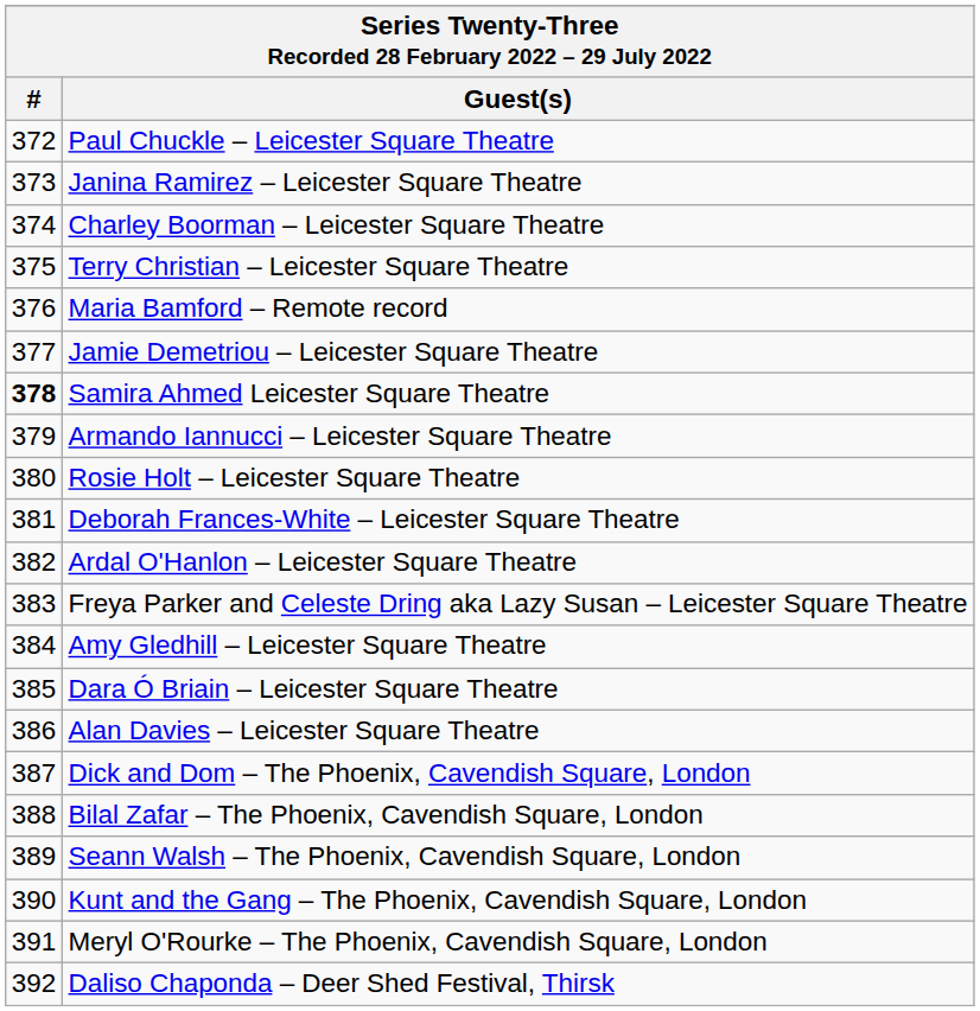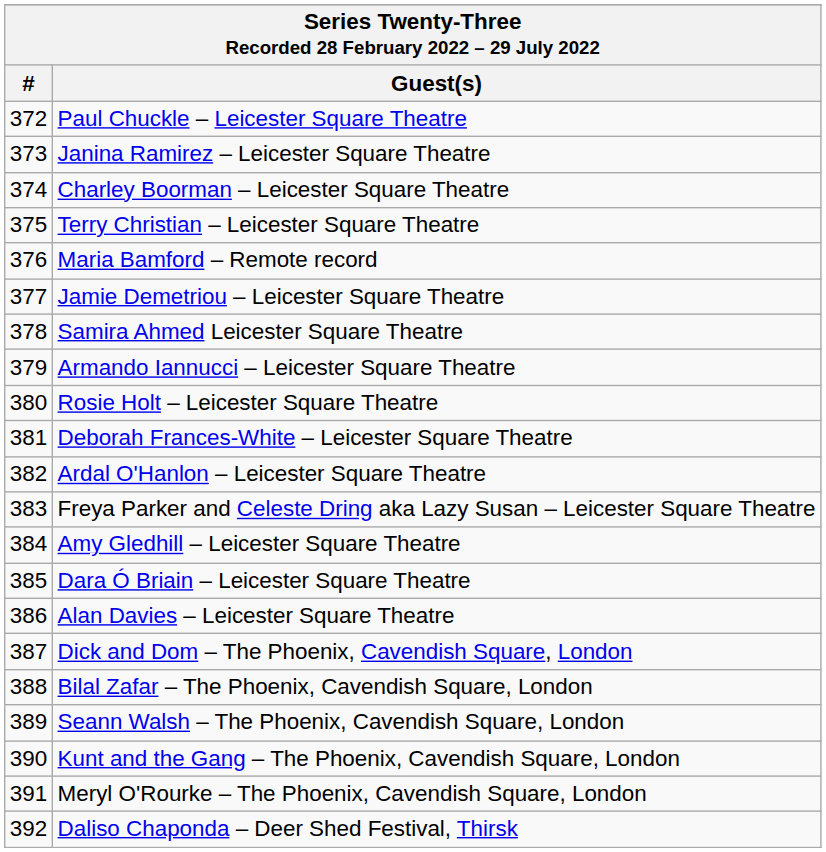 <table class="wikitable">
 <tr>
 </tr>
 <tr>
 <th colspan="3">Series Twenty-Three<br><small>Recorded 28 February 2022 – 29 July 2022 </small></th>
 </tr>
 <tr>
 <th>#</th>
 <th>Guest(s)</th>
 </tr>
 <tr>
 <td>372</td>
 <td><a href='#'>Paul Chuckle</a> – <a href='#'>Leicester Square Theatre</a></td>
 </tr>
 <tr>
 <td>373</td>
 <td><a href='#'>Janina Ramirez</a> – Leicester Square Theatre</td>
 </tr>
 <tr>
 <td>374</td>
 <td><a href='#'>Charley Boorman</a> – Leicester Square Theatre</td>
 </tr>
 <tr>
 <td>375</td>
 <td><a href='#'>Terry Christian</a> – Leicester Square Theatre</td>
 </tr>
 <tr>
 <td>376</td>
 <td><a href='#'>Maria Bamford</a> – Remote record</td>
 </tr>
 <tr>
 <td>377</td>
 <td><a href='#'>Jamie Demetriou</a> – Leicester Square Theatre</td>
 </tr>
 <tr>
-<td><strong>378</strong></td>
+<td>378</td>
 <td><a href='#'>Samira Ahmed</a> Leicester Square Theatre</td>
 </tr>
 <tr>
 <td>379</td>
 <td><a href='#'>Armando Iannucci</a> – Leicester Square Theatre</td>
 </tr>
 <tr>
 <td>380</td>
 <td><a href='#'>Rosie Holt</a> – Leicester Square Theatre</td>
 </tr>
 <tr>
 <td>381</td>
 <td><a href='#'>Deborah Frances-White</a> – Leicester Square Theatre</td>
 </tr>
 <tr>
 <td>382</td>
 <td><a href='#'>Ardal O'Hanlon</a> – Leicester Square Theatre</td>
 </tr>
 <tr>
 <td>383</td>
 <td>Freya Parker and <a href='#'>Celeste Dring</a> aka Lazy Susan – Leicester Square Theatre</td>
 </tr>
 <tr>
 <td>384</td>
 <td><a href='#'>Amy Gledhill</a> – Leicester Square Theatre</td>
 </tr>
 <tr>
 <td>385</td>
 <td><a href='#'>Dara Ó Briain</a> – Leicester Square Theatre</td>
 </tr>
 <tr>
 <td>386</td>
 <td><a href='#'>Alan Davies</a> – Leicester Square Theatre</td>
 </tr>
 <tr>
 <td>387</td>
 <td><a href='#'>Dick and Dom</a> – The Phoenix, <a href='#'>Cavendish Square</a>, <a href='#'>London</a></td>
 </tr>
 <tr>
 <td>388</td>
 <td><a href='#'>Bilal Zafar</a> – The Phoenix, Cavendish Square, London</td>
 </tr>
 <tr>
 <td>389</td>
 <td><a href='#'>Seann Walsh</a> – The Phoenix, Cavendish Square, London</td>
 </tr>
 <tr>
 <td>390</td>
 <td><a href='#'>Kunt and the Gang</a> – The Phoenix, Cavendish Square, London</td>
 </tr>
 <tr>
 <td>391</td>
 <td>Meryl O'Rourke – The Phoenix, Cavendish Square, London</td>
 </tr>
 <tr>
 <td>392</td>
 <td><a href='#'>Daliso Chaponda</a> – Deer Shed Festival, <a href='#'>Thirsk</a></td>
 </tr>
 </table>
